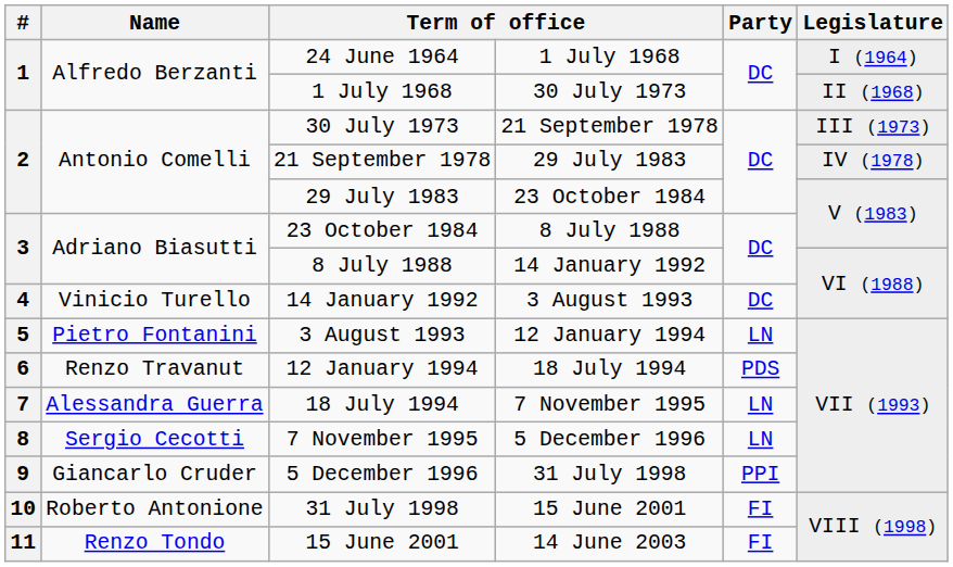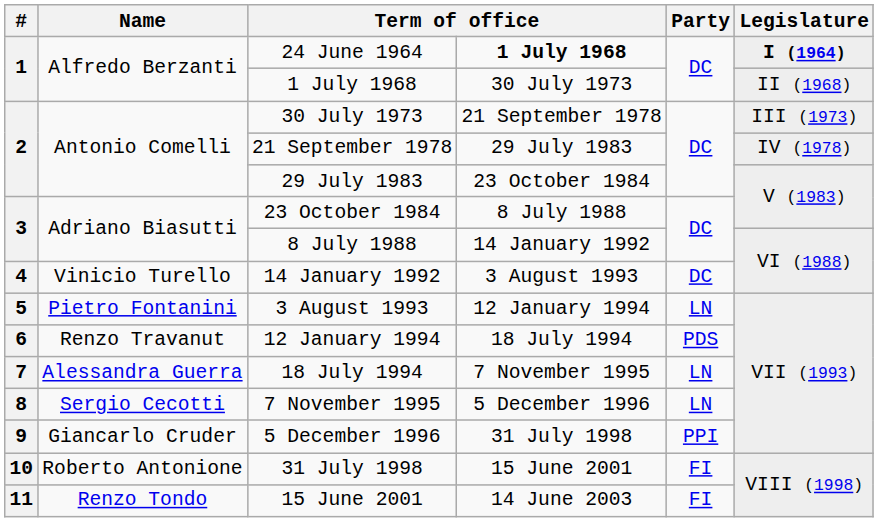 <table class="wikitable" style="text-align:center; border:1px #AAAAFF solid">
 <tr>
 <th>#</th>
 <th>Name</th>
 <th colspan=2>Term of office</th>
 <th>Party</th>
 <th>Legislature</th>
 </tr>
 <tr>
 <th rowspan=2 style="background:">1</th>
 <td rowspan=2>Alfredo Berzanti</td>
 <td>24 June 1964</td>
-<td>1 July 1968</td>
+<td><strong>1 July 1968</strong></td>
 <td rowspan=2><a href='#'>DC</a></td>
-<td rowspan=1 bgcolor=#EEEEEE>I <small>(<a href='#'>1964</a>)</small></td>
+<td rowspan=1 bgcolor=#EEEEEE><strong>I <small>(<a href='#'>1964</a>)</small></strong></td>
 </tr>
 <tr>
 <td>1 July 1968</td>
 <td>30 July 1973</td>
 <td rowspan=1 bgcolor=#EEEEEE>II <small>(<a href='#'>1968</a>)</small></td>
 </tr>
 <tr>
 <th rowspan=3 style="background:">2</th>
 <td rowspan=3>Antonio Comelli</td>
 <td>30 July 1973</td>
 <td>21 September 1978</td>
 <td rowspan=3><a href='#'>DC</a></td>
 <td rowspan=1 bgcolor=#EEEEEE>III <small>(<a href='#'>1973</a>)</small></td>
 </tr>
 <tr>
 <td>21 September 1978</td>
 <td>29 July 1983</td>
 <td rowspan=1 bgcolor=#EEEEEE>IV <small>(<a href='#'>1978</a>)</small></td>
 </tr>
 <tr>
 <td>29 July 1983</td>
 <td>23 October 1984</td>
 <td rowspan=2 bgcolor=#EEEEEE>V <small>(<a href='#'>1983</a>)</small></td>
 </tr>
 <tr>
 <th rowspan=2 style="background:">3</th>
 <td rowspan=2>Adriano Biasutti</td>
 <td>23 October 1984</td>
 <td>8 July 1988</td>
 <td rowspan=2><a href='#'>DC</a></td>
 </tr>
 <tr>
 <td>8 July 1988</td>
 <td>14 January 1992</td>
 <td rowspan=2 bgcolor=#EEEEEE>VI <small>(<a href='#'>1988</a>)</small></td>
 </tr>
 <tr>
 <th rowspan=1 style="background:">4</th>
 <td>Vinicio Turello</td>
 <td>14 January 1992</td>
 <td>3 August 1993</td>
 <td><a href='#'>DC</a></td>
 </tr>
 <tr>
 <th rowspan=1 style="background:">5</th>
 <td><a href='#'>Pietro Fontanini</a></td>
 <td>3 August 1993</td>
 <td>12 January 1994</td>
 <td><a href='#'>LN</a></td>
 <td rowspan=5 bgcolor=#EEEEEE>VII <small>(<a href='#'>1993</a>)</small></td>
 </tr>
 <tr>
 <th rowspan=1 style="background:">6</th>
 <td>Renzo Travanut</td>
 <td>12 January 1994</td>
 <td>18 July 1994</td>
 <td><a href='#'>PDS</a></td>
 </tr>
 <tr>
 <th rowspan=1 style="background:">7</th>
 <td><a href='#'>Alessandra Guerra</a></td>
 <td>18 July 1994</td>
 <td>7 November 1995</td>
 <td><a href='#'>LN</a></td>
 </tr>
 <tr>
 <th rowspan=1 style="background:">8</th>
 <td><a href='#'>Sergio Cecotti</a></td>
 <td>7 November 1995</td>
 <td>5 December 1996</td>
 <td><a href='#'>LN</a></td>
 </tr>
 <tr>
 <th rowspan=1 style="background:">9</th>
 <td>Giancarlo Cruder</td>
 <td>5 December 1996</td>
 <td>31 July 1998</td>
 <td><a href='#'>PPI</a></td>
 </tr>
 <tr>
 <th rowspan=1 style="background:">10</th>
 <td>Roberto Antonione</td>
 <td>31 July 1998</td>
 <td>15 June 2001</td>
 <td><a href='#'>FI</a></td>
 <td rowspan=2 bgcolor=#EEEEEE>VIII <small>(<a href='#'>1998</a>)</small></td>
 </tr>
 <tr>
 <th rowspan=1 style="background:">11</th>
 <td><a href='#'>Renzo Tondo</a></td>
 <td>15 June 2001</td>
 <td>14 June 2003</td>
 <td><a href='#'>FI</a></td>
 </tr>
 </table>
